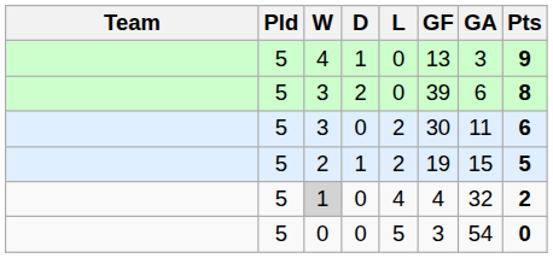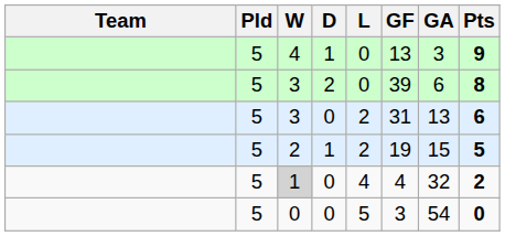 <table class=wikitable style="text-align:center">
 <tr>
 <th width=175>Team</th>
 <th width=20>Pld</th>
 <th width=20>W</th>
 <th width=20>D</th>
 <th width=20>L</th>
 <th width=20>GF</th>
 <th width=20>GA</th>
 <th width=20>Pts</th>
 </tr>
 <tr style="background:#cfc; text-align:center;">
 <td align=left></td>
 <td>5</td>
 <td>4</td>
 <td>1</td>
 <td>0</td>
 <td>13</td>
 <td>3</td>
 <td><strong>9</strong></td>
 </tr>
 <tr style="background:#cfc; text-align:center;">
 <td align=left></td>
 <td>5</td>
 <td>3</td>
 <td>2</td>
 <td>0</td>
 <td>39</td>
 <td>6</td>
 <td><strong>8</strong></td>
 </tr>
 <tr style="background:#dfefff; text-align:center;">
 <td align=left></td>
 <td>5</td>
 <td>3</td>
 <td>0</td>
 <td>2</td>
-<td>30</td>
-<td>11</td>
+<td>31</td>
+<td>13</td>
 <td><strong>6</strong></td>
 </tr>
 <tr style="background:#dfefff; text-align:center;">
 <td align=left></td>
 <td>5</td>
 <td>2</td>
 <td>1</td>
 <td>2</td>
 <td>19</td>
 <td>15</td>
 <td><strong>5</strong></td>
 </tr>
 <tr>
 <td align=left></td>
 <td>5</td>
 <td style="background: lightgrey;">1</td>
 <td>0</td>
 <td>4</td>
 <td>4</td>
 <td>32</td>
 <td><strong>2</strong></td>
 </tr>
 <tr>
 <td align=left></td>
 <td>5</td>
 <td>0</td>
 <td>0</td>
 <td>5</td>
 <td>3</td>
 <td>54</td>
 <td><strong>0</strong></td>
 </tr>
 </table>
